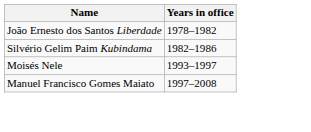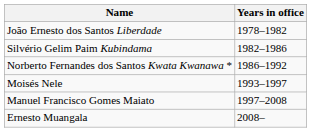 <table class="wikitable sortable">
 <tr>
 <th>Name</th>
 <th>Years in office</th>
 </tr>
 <tr>
 <td>João Ernesto dos Santos <em>Liberdade</em></td>
 <td data-sort-value="04">1978–1982</td>
 </tr>
 <tr>
 <td>Silvério Gelim Paim <em>Kubindama</em></td>
 <td data-sort-value="05">1982–1986</td>
 </tr>
 <tr>
+<td>Norberto Fernandes dos Santos <em>Kwata Kwanawa</em> *</td>
+<td data-sort-value="07">1986–1992</td>
+</tr>
+<tr>
 <td>Moisés Nele</td>
 <td data-sort-value="05">1993–1997</td>
 </tr>
 <tr>
 <td>Manuel Francisco Gomes Maiato</td>
 <td data-sort-value="12">1997–2008</td>
 </tr>
+<tr>
+<td>Ernesto Muangala</td>
+<td data-sort-value="12">2008–</td>
+</tr>
 </table>
